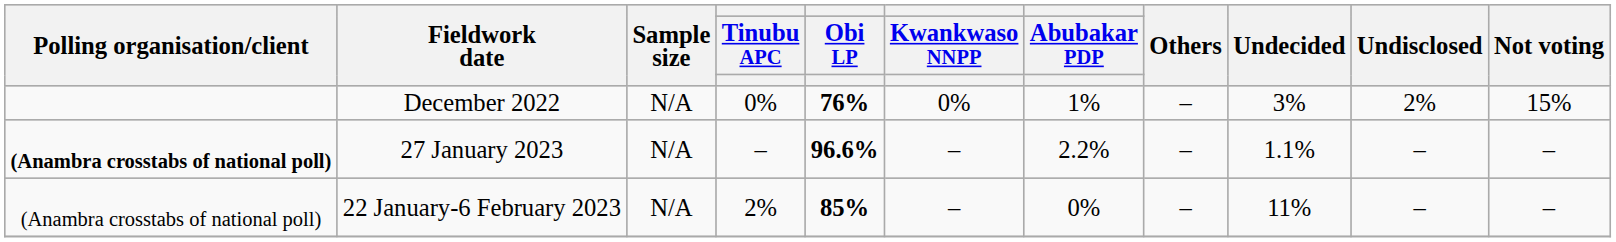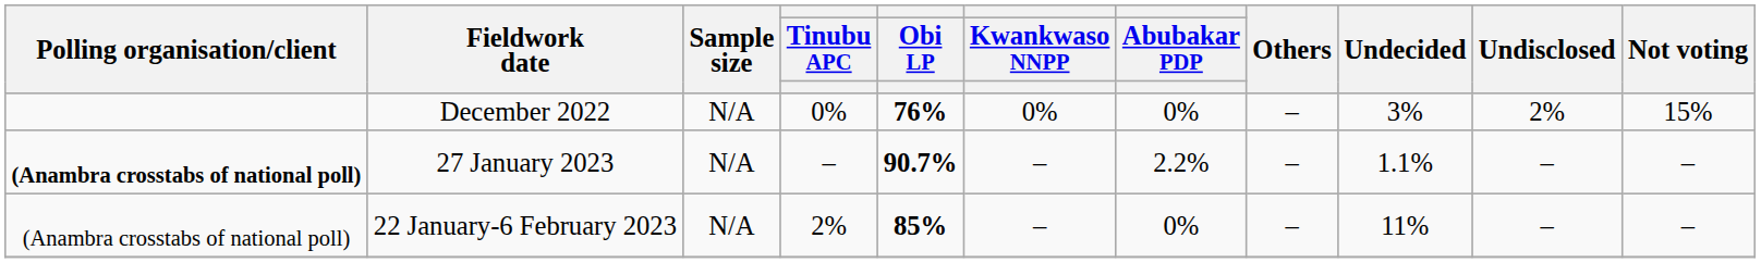 <table class="wikitable" style="text-align:center;font-size:95%;line-height:14px;">
 <tr>
 <th rowspan="3">Polling organisation/client</th>
 <th rowspan="3">Fieldwork<br>date</th>
 <th rowspan="3">Sample<br>size</th>
 <th></th>
 <th></th>
 <th></th>
 <th></th>
 <th rowspan="3">Others</th>
 <th rowspan="3">Undecided</th>
 <th rowspan="3">Undisclosed</th>
 <th rowspan="3">Not voting</th>
 </tr>
 <tr>
 <th><a href='#'>Tinubu</a><br><small><a href='#'>APC</a></small></th>
 <th><a href='#'>Obi</a><br><small><a href='#'>LP</a></small></th>
 <th><a href='#'>Kwankwaso</a><br><small><a href='#'>NNPP</a></small></th>
 <th><a href='#'>Abubakar</a><br><small><a href='#'>PDP</a></small></th>
 </tr>
 <tr>
 <th style="background:"></th>
 <th style="background:"></th>
 <th style="background:"></th>
 <th style="background:"></th>
 </tr>
 <tr>
 <td></td>
 <td>December 2022</td>
 <td>N/A</td>
 <td>0%</td>
 <td><strong>76%</strong></td>
 <td>0%</td>
-<td>1%</td>
+<td>0%</td>
 <td>–</td>
 <td>3%</td>
 <td>2%</td>
 <td>15%</td>
 </tr>
 <tr>
 <td><strong><br><small>(Anambra crosstabs of national poll)</small></strong></td>
 <td>27 January 2023</td>
 <td>N/A</td>
 <td>–</td>
-<td><strong>96.6%</strong></td>
+<td><strong>90.7%</strong></td>
 <td>–</td>
 <td>2.2%</td>
 <td>–</td>
 <td>1.1%</td>
 <td>–</td>
 <td>–</td>
 </tr>
 <tr>
 <td><br><small>(Anambra crosstabs of national poll)</small></td>
 <td>22 January-6 February 2023</td>
 <td>N/A</td>
 <td>2%</td>
 <td><strong>85%</strong></td>
 <td>–</td>
 <td>0%</td>
 <td>–</td>
 <td>11%</td>
 <td>–</td>
 <td>–</td>
 </tr>
 <tr>
 </tr>
 </table>
